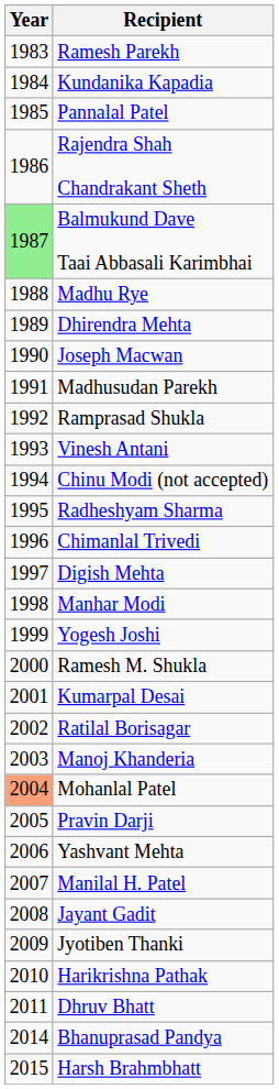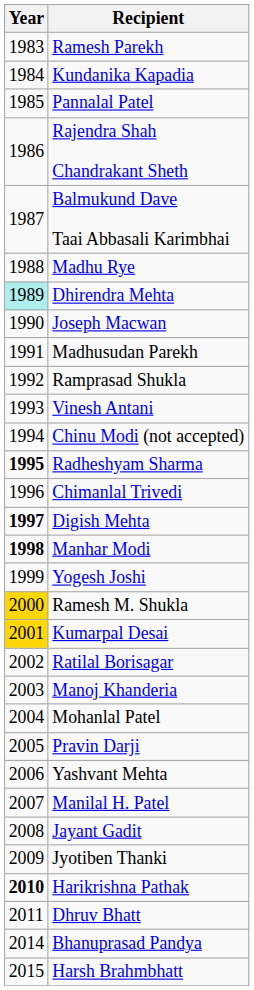 <table class="wikitable">
 <tr>
 <th>Year</th>
 <th>Recipient</th>
 </tr>
 <tr>
 <td>1983</td>
 <td><a href='#'>Ramesh Parekh</a></td>
 </tr>
 <tr>
 <td>1984</td>
 <td><a href='#'>Kundanika Kapadia</a></td>
 </tr>
 <tr>
 <td>1985</td>
 <td><a href='#'>Pannalal Patel</a></td>
 </tr>
 <tr>
 <td>1986</td>
 <td><a href='#'>Rajendra Shah</a><br><br><a href='#'>Chandrakant Sheth</a></td>
 </tr>
 <tr>
-<td style="background: lightgreen;">1987</td>
+<td>1987</td>
 <td><a href='#'>Balmukund Dave</a><br><br>Taai Abbasali Karimbhai</td>
 </tr>
 <tr>
 <td>1988</td>
 <td><a href='#'>Madhu Rye</a></td>
 </tr>
 <tr>
-<td>1989</td>
+<td style="background: paleturquoise;">1989</td>
 <td><a href='#'>Dhirendra Mehta</a></td>
 </tr>
 <tr>
 <td>1990</td>
 <td><a href='#'>Joseph Macwan</a></td>
 </tr>
 <tr>
 <td>1991</td>
 <td>Madhusudan Parekh</td>
 </tr>
 <tr>
 <td>1992</td>
 <td>Ramprasad Shukla</td>
 </tr>
 <tr>
 <td>1993</td>
 <td><a href='#'>Vinesh Antani</a></td>
 </tr>
 <tr>
 <td>1994</td>
 <td><a href='#'>Chinu Modi</a> (not accepted)</td>
 </tr>
 <tr>
-<td>1995</td>
+<td><strong>1995</strong></td>
 <td><a href='#'>Radheshyam Sharma</a></td>
 </tr>
 <tr>
 <td>1996</td>
 <td><a href='#'>Chimanlal Trivedi</a></td>
 </tr>
 <tr>
-<td>1997</td>
+<td><strong>1997</strong></td>
 <td><a href='#'>Digish Mehta</a></td>
 </tr>
 <tr>
-<td>1998</td>
+<td><strong>1998</strong></td>
 <td><a href='#'>Manhar Modi</a></td>
 </tr>
 <tr>
 <td>1999</td>
 <td><a href='#'>Yogesh Joshi</a></td>
 </tr>
 <tr>
-<td>2000</td>
+<td style="background: gold;">2000</td>
 <td>Ramesh M. Shukla</td>
 </tr>
 <tr>
-<td>2001</td>
+<td style="background: gold;">2001</td>
 <td><a href='#'>Kumarpal Desai</a></td>
 </tr>
 <tr>
 <td>2002</td>
 <td><a href='#'>Ratilal Borisagar</a></td>
 </tr>
 <tr>
 <td>2003</td>
 <td><a href='#'>Manoj Khanderia</a></td>
 </tr>
 <tr>
-<td style="background: lightsalmon;">2004</td>
+<td>2004</td>
 <td>Mohanlal Patel</td>
 </tr>
 <tr>
 <td>2005</td>
 <td><a href='#'>Pravin Darji</a></td>
 </tr>
 <tr>
 <td>2006</td>
 <td>Yashvant Mehta</td>
 </tr>
 <tr>
 <td>2007</td>
 <td><a href='#'>Manilal H. Patel</a></td>
 </tr>
 <tr>
 <td>2008</td>
 <td><a href='#'>Jayant Gadit</a></td>
 </tr>
 <tr>
 <td>2009</td>
 <td>Jyotiben Thanki</td>
 </tr>
 <tr>
-<td>2010</td>
+<td><strong>2010</strong></td>
 <td><a href='#'>Harikrishna Pathak</a></td>
 </tr>
 <tr>
 <td>2011</td>
 <td><a href='#'>Dhruv Bhatt</a></td>
 </tr>
 <tr>
 <td>2014</td>
 <td><a href='#'>Bhanuprasad Pandya</a></td>
 </tr>
 <tr>
 <td>2015</td>
 <td><a href='#'>Harsh Brahmbhatt</a></td>
 </tr>
 </table>
